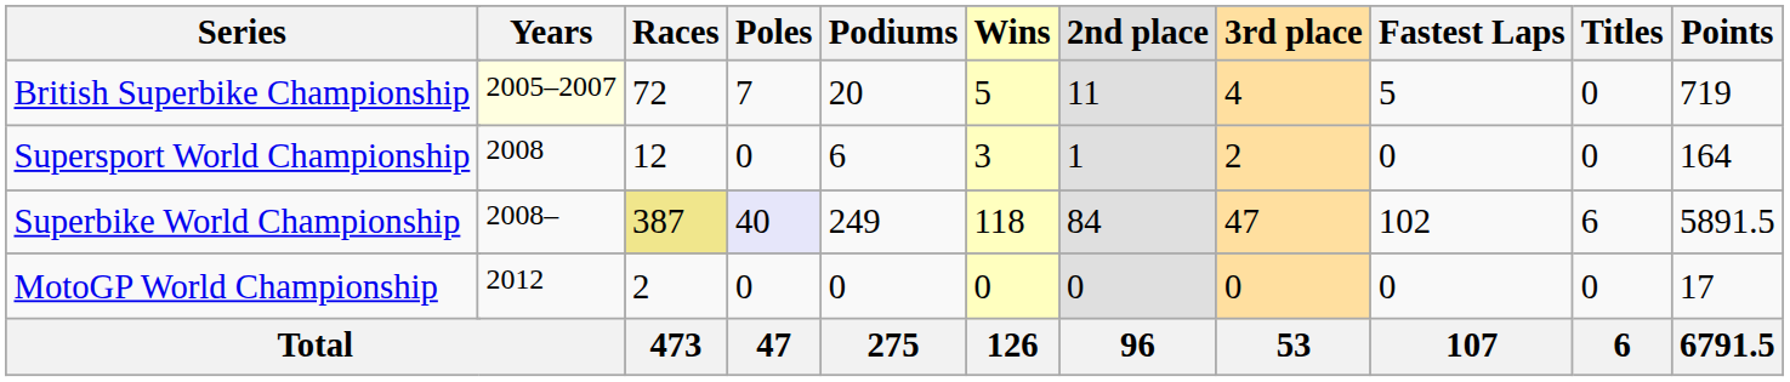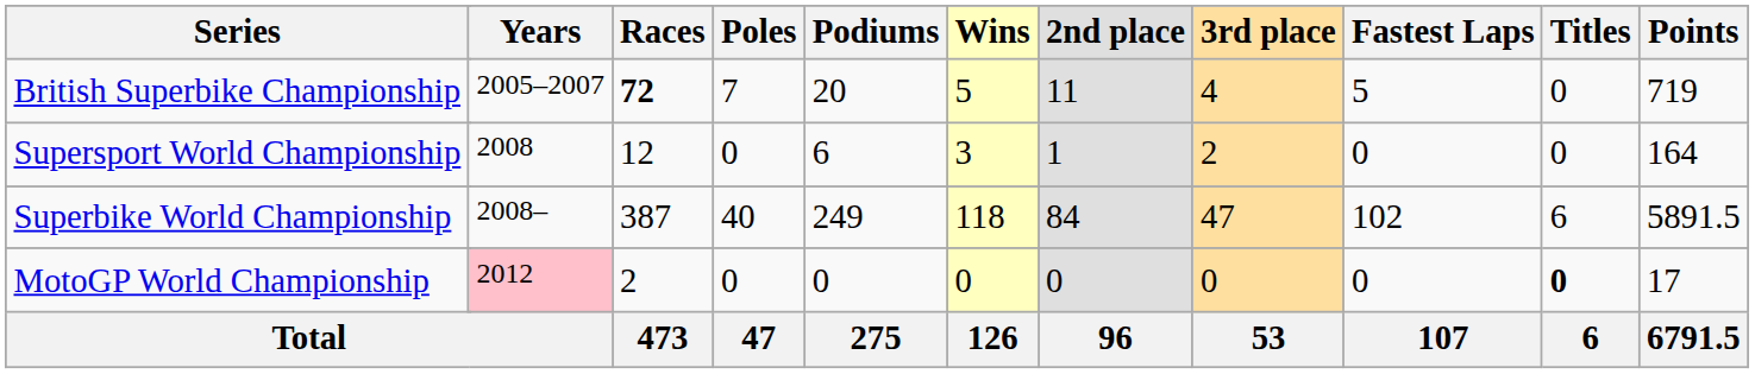 <table class="wikitable">
 <tr>
 <th colspan=2>Series</th>
 <th>Years</th>
 <th>Races</th>
 <th>Poles</th>
 <th>Podiums</th>
 <td style="background:#ffffbf;"><strong>Wins</strong></td>
 <td style="background:#DFDFDF;"><strong>2nd place</strong></td>
 <td style="background:#FFDF9F;"><strong>3rd place</strong></td>
 <th>Fastest Laps</th>
 <th>Titles</th>
 <th>Points</th>
 </tr>
 <tr>
 <td colspan=2><a href='#'>British Superbike Championship</a></td>
-<td style="background: lightyellow;"><sup>2005–2007</sup></td>
-<td>72</td>
+<td><sup>2005–2007</sup></td>
+<td><strong>72</strong></td>
 <td>7</td>
 <td>20</td>
 <td style="background:#ffffbf;">5</td>
 <td style="background:#DFDFDF;">11</td>
 <td style="background:#FFDF9F;">4</td>
 <td>5</td>
 <td>0</td>
 <td>719</td>
 </tr>
 <tr>
 <td colspan=2><a href='#'>Supersport World Championship</a></td>
 <td><sup>2008</sup></td>
 <td>12</td>
 <td>0</td>
 <td>6</td>
 <td style="background:#ffffbf;">3</td>
 <td style="background:#DFDFDF;">1</td>
 <td style="background:#FFDF9F;">2</td>
 <td>0</td>
 <td>0</td>
 <td>164</td>
 </tr>
 <tr>
 <td colspan=2><a href='#'>Superbike World Championship</a></td>
 <td><sup>2008–</sup></td>
-<td style="background: khaki;">387</td>
-<td style="background: lavender;">40</td>
+<td>387</td>
+<td>40</td>
 <td>249</td>
 <td style="background:#ffffbf;">118</td>
 <td style="background:#DFDFDF;">84</td>
 <td style="background:#FFDF9F;">47</td>
 <td>102</td>
 <td>6</td>
 <td>5891.5</td>
 </tr>
 <tr>
 <td colspan=2><a href='#'>MotoGP World Championship</a></td>
-<td><sup>2012</sup></td>
+<td style="background: pink;"><sup>2012</sup></td>
 <td>2</td>
 <td>0</td>
 <td>0</td>
 <td style="background:#ffffbf;">0</td>
 <td style="background:#DFDFDF;">0</td>
 <td style="background:#FFDF9F;">0</td>
 <td>0</td>
-<td>0</td>
+<td><strong>0</strong></td>
 <td>17</td>
 </tr>
 <tr>
 <th colspan="3">Total</th>
 <th>473</th>
 <th>47</th>
 <th>275</th>
 <th>126</th>
 <th>96</th>
 <th>53</th>
 <th>107</th>
 <th>6</th>
 <th>6791.5</th>
 </tr>
 </table>
